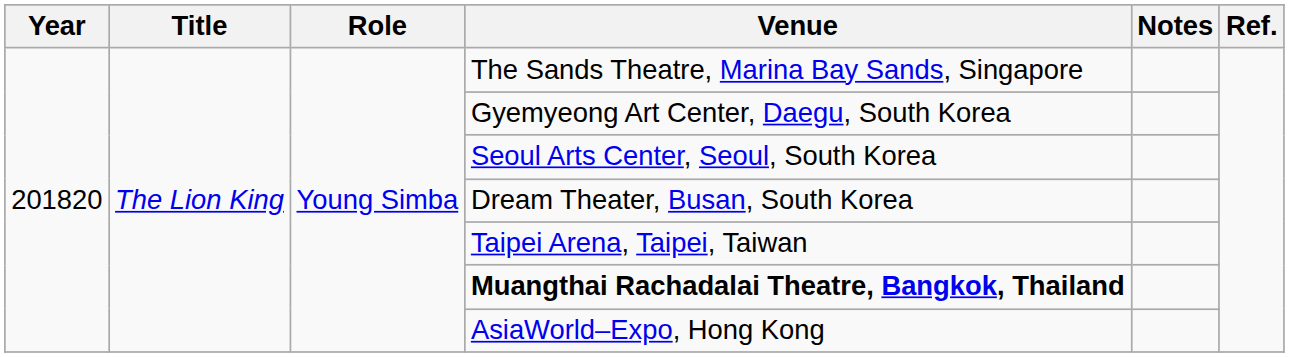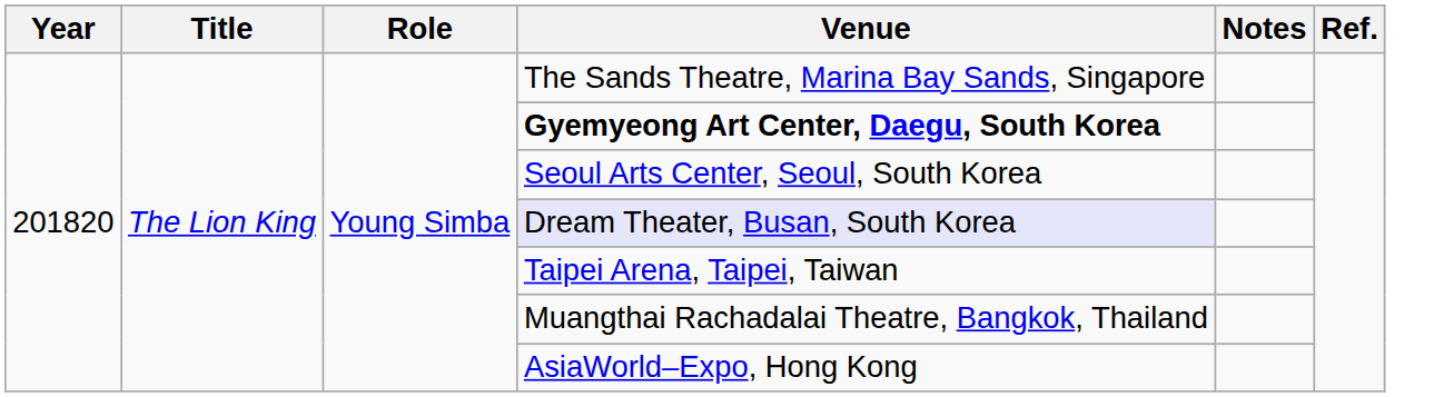 <table class="wikitable">
 <tr>
 <th>Year</th>
 <th>Title</th>
 <th>Role</th>
 <th>Venue</th>
 <th>Notes</th>
 <th>Ref.</th>
 </tr>
 <tr>
 <td rowspan="7">201820</td>
 <td rowspan=7><a href='#'><em>The Lion King</em></a></td>
 <td rowspan=7><a href='#'>Young Simba</a></td>
 <td>The Sands Theatre, <a href='#'>Marina Bay Sands</a>, Singapore</td>
 <td></td>
 <td rowspan=7></td>
 </tr>
 <tr>
-<td>Gyemyeong Art Center, <a href='#'>Daegu</a>, South Korea</td>
+<td><strong>Gyemyeong Art Center, <a href='#'>Daegu</a>, South Korea</strong></td>
 <td></td>
 </tr>
 <tr>
 <td><a href='#'>Seoul Arts Center</a>, <a href='#'>Seoul</a>, South Korea</td>
 <td></td>
 </tr>
 <tr>
-<td>Dream Theater, <a href='#'>Busan</a>, South Korea</td>
+<td style="background: lavender;">Dream Theater, <a href='#'>Busan</a>, South Korea</td>
 <td></td>
 </tr>
 <tr>
 <td><a href='#'>Taipei Arena</a>, <a href='#'>Taipei</a>, Taiwan</td>
 <td></td>
 </tr>
 <tr>
-<td><strong>Muangthai Rachadalai Theatre, <a href='#'>Bangkok</a>, Thailand</strong></td>
+<td>Muangthai Rachadalai Theatre, <a href='#'>Bangkok</a>, Thailand</td>
 <td></td>
 </tr>
 <tr>
 <td><a href='#'>AsiaWorld–Expo</a>, Hong Kong</td>
 <td></td>
 </tr>
 </table>
